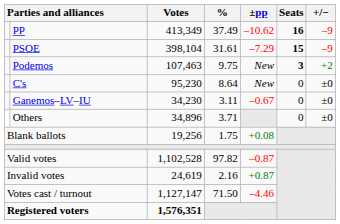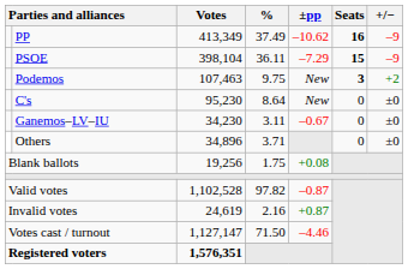 <table class="wikitable" style="text-align:right;">
 <tr>
 <th style="text-align:left;" colspan="2" width="200">Parties and alliances</th>
 <th width="75">Votes</th>
 <th width="45">%</th>
 <th width="45">±<a href='#'>pp</a></th>
 <th width="35">Seats</th>
 <th width="35">+/−</th>
 </tr>
 <tr>
 <td width="1" style="color:inherit;background:"></td>
 <td align="left"><a href='#'>PP</a></td>
 <td>413,349</td>
 <td>37.49</td>
 <td style="color:red;">–10.62</td>
 <td><strong>16</strong></td>
 <td style="color:red;">–9</td>
 </tr>
 <tr>
 <td style="color:inherit;background:"></td>
 <td align="left"><a href='#'>PSOE</a></td>
 <td>398,104</td>
-<td>31.61</td>
+<td>36.11</td>
 <td style="color:red;">–7.29</td>
 <td><strong>15</strong></td>
 <td style="color:red;">–9</td>
 </tr>
 <tr>
 <td style="color:inherit;background:"></td>
 <td align="left"><a href='#'>Podemos</a></td>
 <td>107,463</td>
 <td>9.75</td>
 <td><em>New</em></td>
 <td><strong>3</strong></td>
 <td style="color:green;">+2</td>
 </tr>
 <tr>
 <td style="color:inherit;background:"></td>
 <td align="left"><a href='#'>C's</a></td>
 <td>95,230</td>
 <td>8.64</td>
 <td><em>New</em></td>
 <td>0</td>
 <td>±0</td>
 </tr>
 <tr>
 <td style="color:inherit;background:"></td>
 <td align="left"><a href='#'>Ganemos</a>–<a href='#'>LV</a>–<a href='#'>IU</a></td>
 <td>34,230</td>
 <td>3.11</td>
 <td style="color:red;">–0.67</td>
 <td>0</td>
 <td>±0</td>
 </tr>
 <tr>
 <td bgcolor="white"></td>
 <td align="left">Others</td>
 <td>34,896</td>
 <td>3.71</td>
 <td bgcolor="#E9E9E9"></td>
 <td>0</td>
 <td>±0</td>
 </tr>
 <tr>
 <td align="left" colspan="2">Blank ballots</td>
 <td>19,256</td>
 <td>1.75</td>
 <td style="color:green;">+0.08</td>
 <td bgcolor="#E9E9E9" colspan="2"></td>
 </tr>
 <tr>
 <td colspan="7" bgcolor="#E9E9E9"></td>
 </tr>
 <tr>
 <td align="left" colspan="2">Valid votes</td>
 <td>1,102,528</td>
 <td>97.82</td>
 <td style="color:red;">–0.87</td>
 <td bgcolor="#E9E9E9" colspan="2" rowspan="4"></td>
 </tr>
 <tr>
 <td align="left" colspan="2">Invalid votes</td>
 <td>24,619</td>
 <td>2.16</td>
 <td style="color:green;">+0.87</td>
 </tr>
 <tr>
 <td align="left" colspan="2">Votes cast / turnout</td>
 <td>1,127,147</td>
 <td>71.50</td>
 <td style="color:red;">–4.46</td>
 </tr>
 <tr style="font-weight:bold;">
 <td align="left" colspan="2">Registered voters</td>
 <td>1,576,351</td>
 <td bgcolor="#E9E9E9" colspan="2"></td>
 </tr>
 </table>
